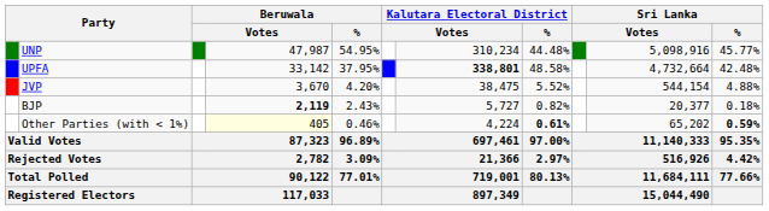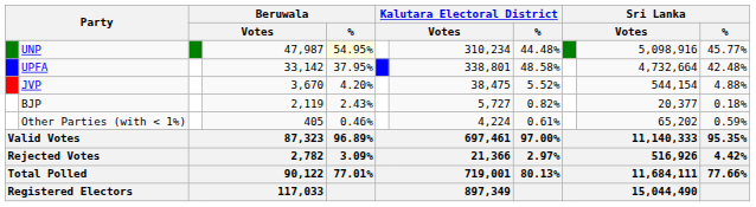 <table class="wikitable">
 <tr>
 <th colspan="2" width="144px"rowspan="2">Party</th>
 <th colspan="3" width="216px">Beruwala</th>
 <th colspan="3" width="216px"><a href='#'>Kalutara Electoral District</a></th>
 <th colspan="3" width="216px">Sri Lanka</th>
 </tr>
 <tr>
 <th colspan="2" width="144px">Votes</th>
 <th>%</th>
 <th colspan="2" width="144px">Votes</th>
 <th>%</th>
 <th colspan="2" width="144px">Votes</th>
 <th>%</th>
 </tr>
 <tr>
 <td style="background-color:green;" width="10px"></td>
 <td style="text-align:left;"><a href='#'>UNP</a></td>
 <td style="background-color:green;" width="10px"></td>
 <td style="text-align:right;">47,987</td>
-<td style="text-align:right;">54.95%</td>
+<td style="background: lightyellow; text-align:right;">54.95%</td>
 <td style="background-color:white;" width="10px"></td>
 <td style="text-align:right;">310,234</td>
 <td style="text-align:right;">44.48%</td>
 <td style="background-color:green;" width="10px"></td>
 <td style="text-align:right;">5,098,916</td>
 <td style="text-align:right;">45.77%</td>
 </tr>
 <tr>
 <td style="background-color:blue;" width="10px"></td>
 <td style="text-align:left;"><a href='#'>UPFA</a></td>
 <td style="background-color:white;" width="10px"></td>
 <td style="text-align:right;">33,142</td>
 <td style="text-align:right;">37.95%</td>
 <td style="background-color:blue;" width="10px"></td>
-<td style="text-align:right;"><strong>338,801</strong></td>
+<td style="text-align:right;">338,801</td>
 <td style="text-align:right;">48.58%</td>
 <td style="background-color:white;" width="10px"></td>
 <td style="text-align:right;">4,732,664</td>
 <td style="text-align:right;">42.48%</td>
 </tr>
 <tr>
 <td style="background-color:red;" width="10px"></td>
 <td style="text-align:left;"><a href='#'>JVP</a></td>
 <td style="background-color:white;" width="10px"></td>
 <td style="text-align:right;">3,670</td>
 <td style="text-align:right;">4.20%</td>
 <td style="background-color:white;" width="10px"></td>
 <td style="text-align:right;">38,475</td>
 <td style="text-align:right;">5.52%</td>
 <td style="background-color:white;" width="10px"></td>
 <td style="text-align:right;">544,154</td>
 <td style="text-align:right;">4.88%</td>
 </tr>
 <tr>
 <td style="background-color:white;" width="10px"></td>
 <td style="text-align:left;">BJP</td>
 <td style="background-color:white;" width="10px"></td>
-<td style="text-align:right;"><strong>2,119</strong></td>
+<td style="text-align:right;">2,119</td>
 <td style="text-align:right;">2.43%</td>
 <td style="background-color:white;" width="10px"></td>
 <td style="text-align:right;">5,727</td>
 <td style="text-align:right;">0.82%</td>
 <td style="background-color:white;" width="10px"></td>
 <td style="text-align:right;">20,377</td>
 <td style="text-align:right;">0.18%</td>
 </tr>
 <tr>
 <td style="background-color:white;" width="10px"></td>
 <td style="text-align:left;">Other Parties (with < 1%)</td>
 <td style="background-color:white;" width="10px"></td>
-<td style="background: lightyellow; text-align:right;">405</td>
+<td style="text-align:right;">405</td>
 <td style="text-align:right;">0.46%</td>
 <td style="background-color:white;" width="10px"></td>
 <td style="text-align:right;">4,224</td>
-<td style="text-align:right;"><strong>0.61%</strong></td>
+<td style="text-align:right;">0.61%</td>
 <td style="background-color:white;" width="10px"></td>
 <td style="text-align:right;">65,202</td>
-<td style="text-align:right;"><strong>0.59%</strong></td>
+<td style="text-align:right;">0.59%</td>
 </tr>
 <tr>
 <th colspan="2" width="144px"style="text-align:left;">Valid Votes</th>
 <th style="text-align:right;"colspan="2" width="144px">87,323</th>
 <th style="text-align:right;">96.89%</th>
 <th style="text-align:right;"colspan="2" width="144px">697,461</th>
 <th style="text-align:right;">97.00%</th>
 <th style="text-align:right;"colspan="2" width="144px">11,140,333</th>
 <th style="text-align:right;">95.35%</th>
 </tr>
 <tr>
 <th colspan="2" width="144px"style="text-align:left;">Rejected Votes</th>
 <th style="text-align:right;"colspan="2" width="144px">2,782</th>
 <th style="text-align:right;">3.09%</th>
 <th style="text-align:right;"colspan="2" width="144px">21,366</th>
 <th style="text-align:right;">2.97%</th>
 <th style="text-align:right;"colspan="2" width="144px">516,926</th>
 <th style="text-align:right;">4.42%</th>
 </tr>
 <tr>
 <th colspan="2" width="144px"style="text-align:left;">Total Polled</th>
 <th style="text-align:right;"colspan="2" width="144px">90,122</th>
 <th style="text-align:right;">77.01%</th>
 <th style="text-align:right;"colspan="2" width="144px">719,001</th>
 <th style="text-align:right;">80.13%</th>
 <th style="text-align:right;"colspan="2" width="144px">11,684,111</th>
 <th style="text-align:right;">77.66%</th>
 </tr>
 <tr>
 <th colspan="2" width="144px"style="text-align:left;">Registered Electors</th>
 <th style="text-align:right;"colspan="2" width="144px">117,033</th>
 <th></th>
 <th style="text-align:right;"colspan="2" width="144px">897,349</th>
 <th></th>
 <th style="text-align:right;"colspan="2" width="144px">15,044,490</th>
 <th></th>
 </tr>
 </table>
